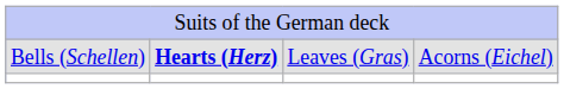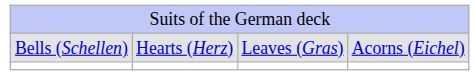 <table class="wikitable" style="background: #c0c8f8; margin-left: 1em; border-spacing: 1px;" align="right">
 <tr align="center">
 <td colspan="4">Suits of the German deck</td>
 </tr>
 <tr align="center">
 <td style="background: #e3e3e3;"><a href='#'>Bells (<em>Schellen</em>)</a></td>
-<td style="background: #e3e3e3;"><strong><a href='#'>Hearts (<em>Herz</em>)</a></strong></td>
+<td style="background: #e3e3e3;"><a href='#'>Hearts (<em>Herz</em>)</a></td>
 <td style="background: #e3e3e3;"><a href='#'>Leaves (<em>Gras</em>)</a></td>
 <td style="background: #e3e3e3;"><a href='#'>Acorns (<em>Eichel</em>)</a></td>
 </tr>
 <tr align="center">
 <td style="background: #ffffff;"></td>
 <td style="background: #ffffff;"></td>
 <td style="background: #ffffff;"></td>
 <td style="background: #ffffff;"></td>
 </tr>
 </table>
